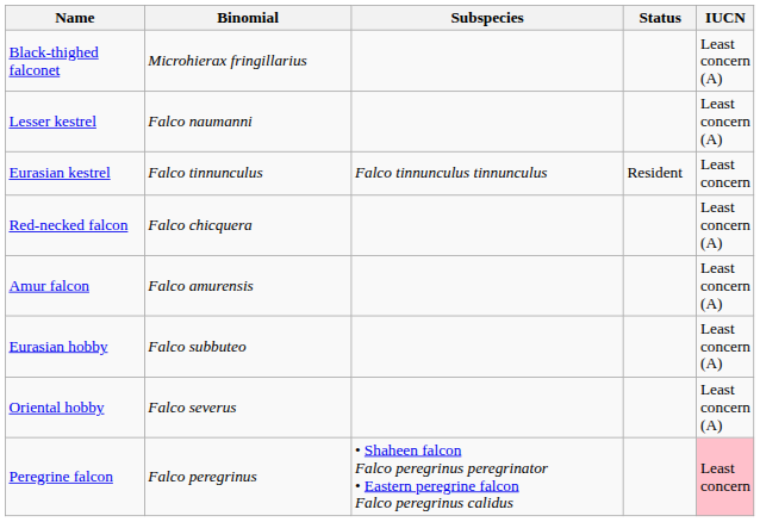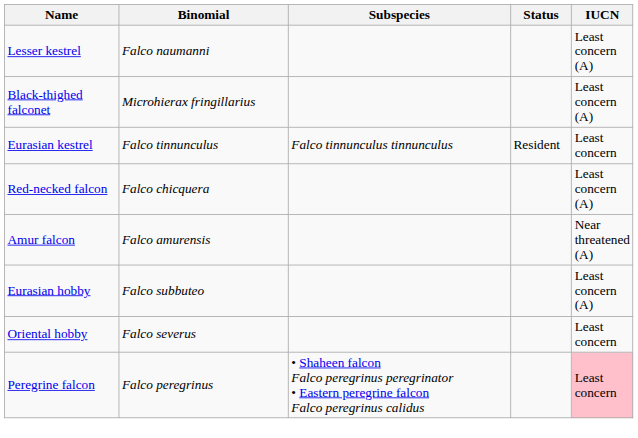 <table width=60% class="wikitable">
 <tr>
 <th width=20%>Name</th>
 <th width=30%>Binomial</th>
 <th width=40%>Subspecies</th>
 <th width=30%>Status</th>
 <th width=30%>IUCN</th>
 </tr>
 <tr>
-<td><a href='#'>Black-thighed falconet</a><br></td>
-<td><em>Microhierax fringillarius</em></td>
+<td><a href='#'>Lesser kestrel</a><br></td>
+<td><em>Falco naumanni</em></td>
 <td></td>
 <td></td>
 <td>Least concern<br>(A)</td>
 </tr>
 <tr>
-<td><a href='#'>Lesser kestrel</a><br></td>
-<td><em>Falco naumanni</em></td>
+<td><a href='#'>Black-thighed falconet</a><br></td>
+<td><em>Microhierax fringillarius</em></td>
 <td></td>
 <td></td>
 <td>Least concern<br>(A)</td>
 </tr>
 <tr>
 <td><a href='#'>Eurasian kestrel</a><br> </td>
 <td><em>Falco tinnunculus</em></td>
 <td><em>Falco tinnunculus tinnunculus</em></td>
 <td>Resident</td>
 <td>Least concern</td>
 </tr>
 <tr>
 <td><a href='#'>Red-necked falcon</a><br></td>
 <td><em>Falco chicquera</em></td>
 <td></td>
 <td></td>
 <td>Least concern<br>(A)</td>
 </tr>
 <tr>
 <td><a href='#'>Amur falcon</a><br> </td>
 <td><em>Falco amurensis</em></td>
 <td></td>
 <td></td>
-<td>Least concern<br>(A)</td>
+<td>Near threatened<br>(A)</td>
 </tr>
 <tr>
 <td><a href='#'>Eurasian hobby</a><br></td>
 <td><em>Falco subbuteo</em></td>
 <td></td>
 <td></td>
 <td>Least concern<br>(A)</td>
 </tr>
 <tr>
 <td><a href='#'>Oriental hobby</a><br></td>
 <td><em>Falco severus</em></td>
 <td></td>
 <td></td>
-<td>Least concern<br>(A)</td>
+<td>Least concern</td>
 </tr>
 <tr>
 <td><a href='#'>Peregrine falcon</a><br></td>
 <td><em>Falco peregrinus</em></td>
 <td>• <a href='#'>Shaheen falcon</a><br><em>Falco peregrinus peregrinator</em><br>• <a href='#'>Eastern peregrine falcon</a><br><em>Falco peregrinus calidus</em></td>
 <td></td>
 <td style="background: pink;">Least concern</td>
 </tr>
 </table>
